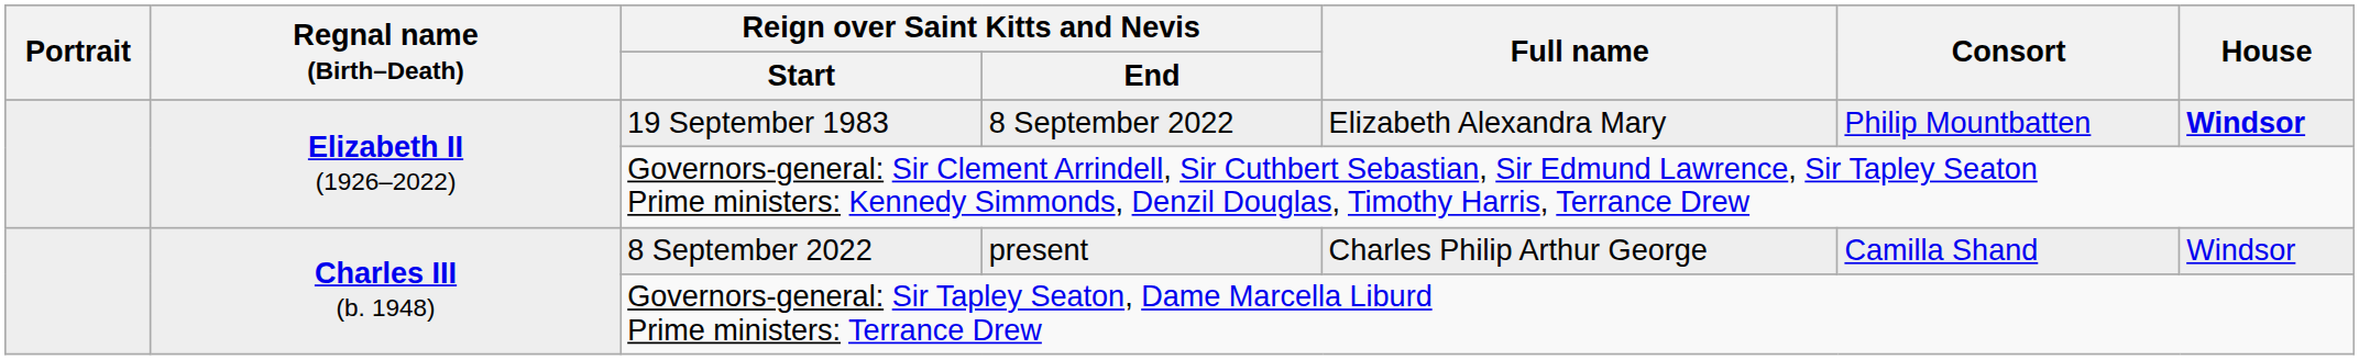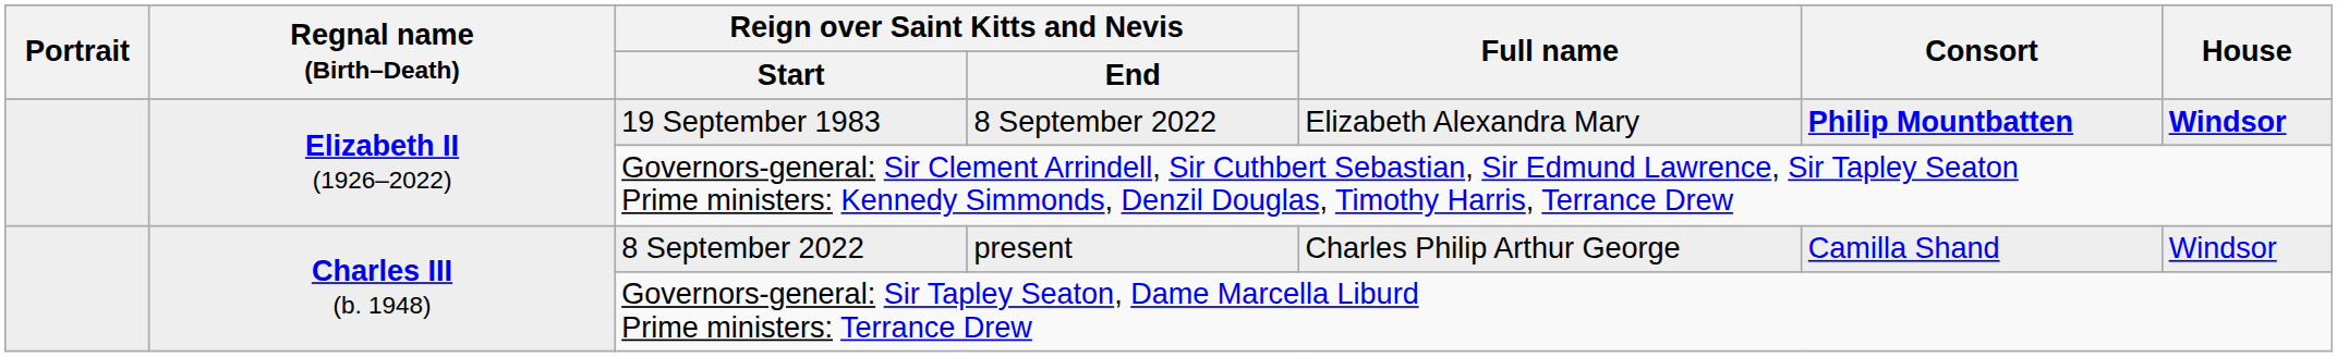 <table class="wikitable" style="width:100%;">
 <tr>
 <th rowspan="2">Portrait</th>
 <th rowspan="2" style="width:20%;">Regnal name<br><small>(Birth–Death)</small></th>
 <th colspan=2>Reign over Saint Kitts and Nevis</th>
 <th rowspan="2">Full name</th>
 <th rowspan="2">Consort</th>
 <th rowspan="2">House</th>
 </tr>
 <tr>
 <th>Start</th>
 <th>End</th>
 </tr>
 <tr style="background:#eee;">
 <td rowspan="2" style="text-align:center;"></td>
 <td rowspan="2" style="text-align:center;"><strong><a href='#'>Elizabeth II</a></strong><br><small>(1926–2022)</small></td>
 <td>19 September 1983</td>
 <td>8 September 2022</td>
 <td>Elizabeth Alexandra Mary</td>
-<td><a href='#'>Philip Mountbatten</a></td>
+<td><strong><a href='#'>Philip Mountbatten</a></strong></td>
 <td><strong><a href='#'>Windsor</a></strong></td>
 </tr>
 <tr>
 <td colspan="5"><u>Governors-general:</u> <a href='#'>Sir Clement Arrindell</a>, <a href='#'>Sir Cuthbert Sebastian</a>, <a href='#'>Sir Edmund Lawrence</a>, <a href='#'>Sir Tapley Seaton</a><br><u>Prime ministers:</u> <a href='#'>Kennedy Simmonds</a>, <a href='#'>Denzil Douglas</a>, <a href='#'>Timothy Harris</a>, <a href='#'>Terrance Drew</a></td>
 </tr>
 <tr style="background:#eee;">
 <td rowspan="2" style="text-align:center;"></td>
 <td rowspan="2" style="text-align:center;"><strong><a href='#'>Charles III</a></strong><br><small>(b. 1948)</small></td>
 <td>8 September 2022</td>
 <td>present</td>
 <td>Charles Philip Arthur George</td>
 <td><a href='#'>Camilla Shand</a></td>
 <td><a href='#'>Windsor</a></td>
 </tr>
 <tr>
 <td colspan="5"><u>Governors-general:</u> <a href='#'>Sir Tapley Seaton</a>, <a href='#'>Dame Marcella Liburd</a><br><u>Prime ministers:</u> <a href='#'>Terrance Drew</a></td>
 </tr>
 </table>
